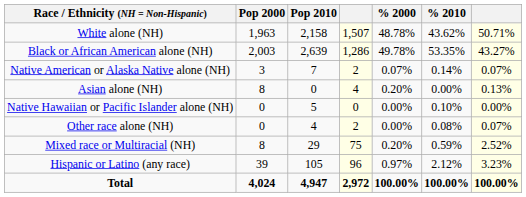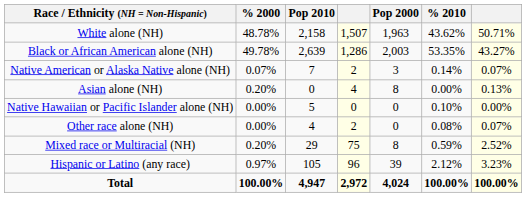 <table class="wikitable" style="text-align:center;">
 <tr>
 <th>Race / Ethnicity <small>(<em>NH = Non-Hispanic</em>)</small></th>
-<th>Pop 2000</th>
+<th>% 2000</th>
 <th>Pop 2010</th>
 <th></th>
-<th>% 2000</th>
+<th>Pop 2000</th>
 <th>% 2010</th>
 <th></th>
 </tr>
 <tr>
 <td><a href='#'>White</a> alone (NH)</td>
-<td>1,963</td>
+<td>48.78%</td>
 <td>2,158</td>
 <td style='background: #ffffe6;'>1,507</td>
-<td>48.78%</td>
+<td>1,963</td>
 <td>43.62%</td>
 <td style='background: #ffffe6;'>50.71%</td>
 </tr>
 <tr>
 <td><a href='#'>Black or African American</a> alone (NH)</td>
-<td>2,003</td>
+<td>49.78%</td>
 <td>2,639</td>
 <td style='background: #ffffe6;'>1,286</td>
-<td>49.78%</td>
+<td>2,003</td>
 <td>53.35%</td>
 <td style='background: #ffffe6;'>43.27%</td>
 </tr>
 <tr>
 <td><a href='#'>Native American</a> or <a href='#'>Alaska Native</a> alone (NH)</td>
-<td>3</td>
+<td>0.07%</td>
 <td>7</td>
 <td style='background: #ffffe6;'>2</td>
-<td>0.07%</td>
+<td>3</td>
 <td>0.14%</td>
 <td style='background: #ffffe6;'>0.07%</td>
 </tr>
 <tr>
 <td><a href='#'>Asian</a> alone (NH)</td>
-<td>8</td>
+<td>0.20%</td>
 <td>0</td>
 <td style='background: #ffffe6;'>4</td>
-<td>0.20%</td>
+<td>8</td>
 <td>0.00%</td>
 <td style='background: #ffffe6;'>0.13%</td>
 </tr>
 <tr>
 <td><a href='#'>Native Hawaiian</a> or <a href='#'>Pacific Islander</a> alone (NH)</td>
-<td>0</td>
+<td>0.00%</td>
 <td>5</td>
 <td style='background: #ffffe6;'>0</td>
-<td>0.00%</td>
+<td>0</td>
 <td>0.10%</td>
 <td style='background: #ffffe6;'>0.00%</td>
 </tr>
 <tr>
 <td><a href='#'>Other race</a> alone (NH)</td>
-<td>0</td>
+<td>0.00%</td>
 <td>4</td>
 <td style='background: #ffffe6;'>2</td>
-<td>0.00%</td>
+<td>0</td>
 <td>0.08%</td>
 <td style='background: #ffffe6;'>0.07%</td>
 </tr>
 <tr>
 <td><a href='#'>Mixed race or Multiracial</a> (NH)</td>
-<td>8</td>
+<td>0.20%</td>
 <td>29</td>
 <td style='background: #ffffe6;'>75</td>
-<td>0.20%</td>
+<td>8</td>
 <td>0.59%</td>
 <td style='background: #ffffe6;'>2.52%</td>
 </tr>
 <tr>
 <td><a href='#'>Hispanic or Latino</a> (any race)</td>
-<td>39</td>
+<td>0.97%</td>
 <td>105</td>
 <td style='background: #ffffe6;'>96</td>
-<td>0.97%</td>
+<td>39</td>
 <td>2.12%</td>
 <td style='background: #ffffe6;'>3.23%</td>
 </tr>
 <tr>
 <td><strong>Total</strong></td>
-<td><strong>4,024</strong></td>
+<td><strong>100.00%</strong></td>
 <td><strong>4,947</strong></td>
 <td style='background: #ffffe6;'><strong>2,972</strong></td>
-<td><strong>100.00%</strong></td>
+<td><strong>4,024</strong></td>
 <td><strong>100.00%</strong></td>
 <td style='background: #ffffe6;'><strong>100.00%</strong></td>
 </tr>
 </table>
